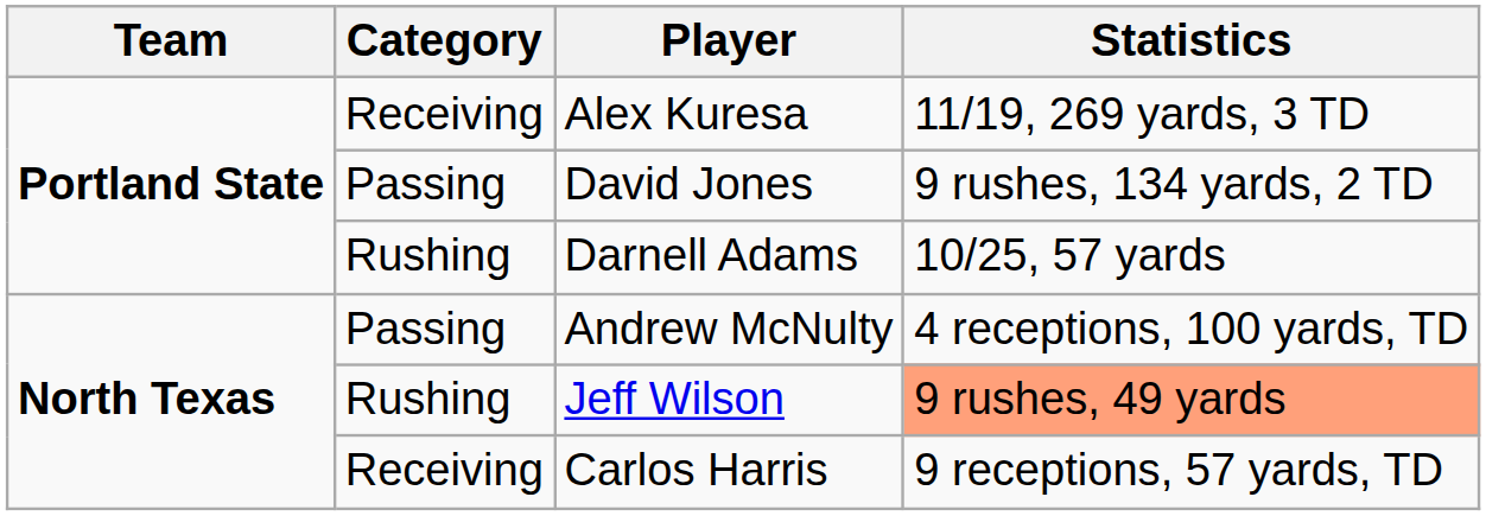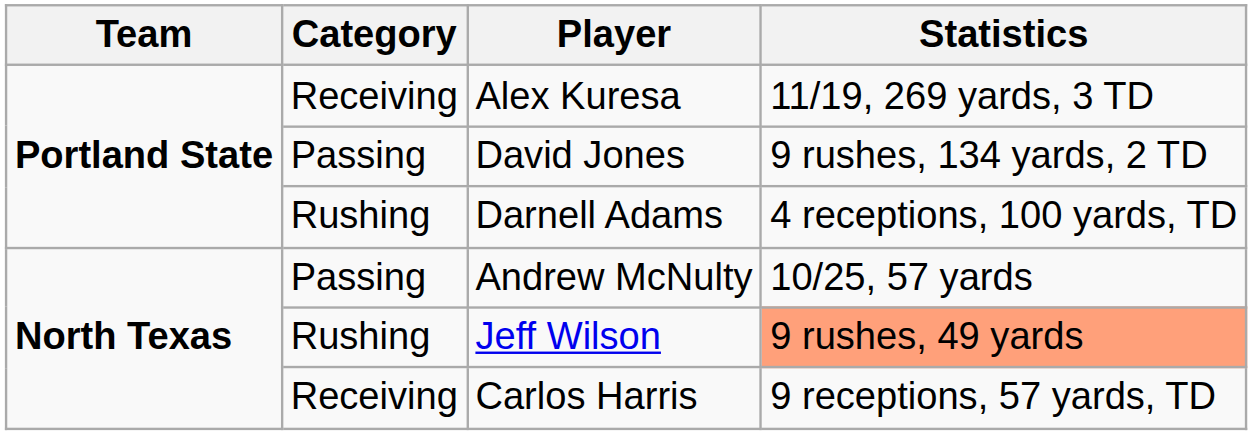 <table class="wikitable" style="float: right;">
 <tr>
 <th>Team</th>
 <th>Category</th>
 <th>Player</th>
 <th>Statistics</th>
 </tr>
 <tr>
 <td rowspan=3><strong>Portland State</strong></td>
 <td>Receiving</td>
 <td>Alex Kuresa</td>
 <td>11/19, 269 yards, 3 TD</td>
 </tr>
 <tr>
 <td>Passing</td>
 <td>David Jones</td>
 <td>9 rushes, 134 yards, 2 TD</td>
 </tr>
 <tr>
 <td>Rushing</td>
 <td>Darnell Adams</td>
-<td>10/25, 57 yards</td>
+<td>4 receptions, 100 yards, TD</td>
 </tr>
 <tr>
 <td rowspan=3><strong>North Texas</strong></td>
 <td>Passing</td>
 <td>Andrew McNulty</td>
-<td>4 receptions, 100 yards, TD</td>
+<td>10/25, 57 yards</td>
 </tr>
 <tr>
 <td>Rushing</td>
 <td><a href='#'>Jeff Wilson</a></td>
 <td style="background: lightsalmon;">9 rushes, 49 yards</td>
 </tr>
 <tr>
 <td>Receiving</td>
 <td>Carlos Harris</td>
 <td>9 receptions, 57 yards, TD</td>
 </tr>
 </table>
